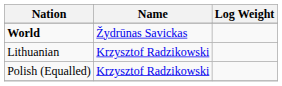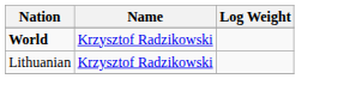 <table class="wikitable" style="display: inline-table">
 <tr>
 <th>Nation</th>
 <th>Name</th>
 <th>Log Weight</th>
 </tr>
 <tr>
 </tr>
 <tr>
 <td><strong>World</strong></td>
-<td><a href='#'>Žydrūnas Savickas</a></td>
+<td><a href='#'>Krzysztof Radzikowski</a></td>
 <td></td>
 </tr>
 <tr>
 <td> Lithuanian</td>
 <td><a href='#'>Krzysztof Radzikowski</a></td>
 <td></td>
 </tr>
 <tr>
-<td> Polish (Equalled)</td>
-<td><a href='#'>Krzysztof Radzikowski</a></td>
-<td></td>
-</tr>
-<tr>
 </tr>
 </table>
